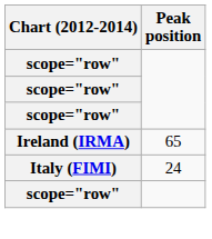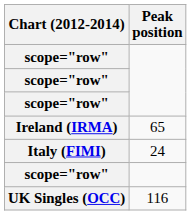 <table class="wikitable sortable plainrowheaders">
 <tr>
 <th>Chart (2012-2014)</th>
 <th>Peak<br>position</th>
 </tr>
 <tr>
 <th>scope="row"</th>
 </tr>
 <tr>
 <th>scope="row" </th>
 </tr>
 <tr>
 <th>scope="row" </th>
 </tr>
 <tr>
 <th scope="row">Ireland (<a href='#'>IRMA</a>)</th>
 <td style="text-align:center;">65</td>
 </tr>
 <tr>
 <th scope="row">Italy (<a href='#'>FIMI</a>)</th>
 <td style="text-align:center;">24</td>
 </tr>
 <tr>
 <th>scope="row" </th>
 </tr>
+<tr>
+<th scope="row">UK Singles (<a href='#'>OCC</a>)</th>
+<td style="text-align:center;">116</td>
+</tr>
 </table>
